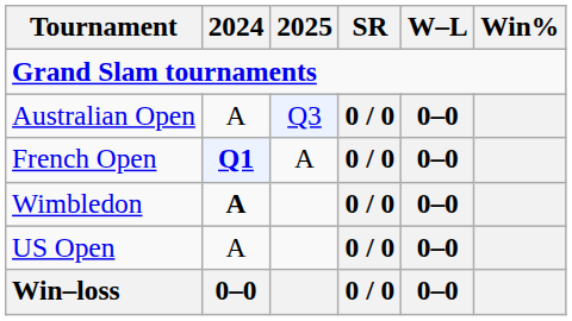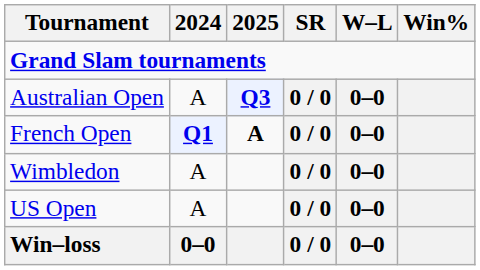 <table class=wikitable style=text-align:center>
 <tr>
 <th>Tournament</th>
 <th>2024</th>
 <th>2025</th>
 <th>SR</th>
 <th>W–L</th>
 <th>Win%</th>
 </tr>
 <tr>
 <td colspan="11" style="text-align:left"><a href='#'><strong>Grand Slam tournaments</strong></a></td>
 </tr>
 <tr>
 <td align=left><a href='#'>Australian Open</a></td>
 <td>A</td>
-<td bgcolor=ecf2ff><a href='#'>Q3</a></td>
+<td bgcolor=ecf2ff><strong><a href='#'>Q3</a></strong></td>
 <th>0 / 0</th>
 <th>0–0</th>
 <th></th>
 </tr>
 <tr>
 <td align=left><a href='#'>French Open</a></td>
 <td bgcolor=ecf2ff><strong><a href='#'>Q1</a></strong></td>
-<td>A</td>
+<td><strong>A</strong></td>
 <th>0 / 0</th>
 <th>0–0</th>
 <th></th>
 </tr>
 <tr>
 <td align=left><a href='#'>Wimbledon</a></td>
-<td><strong>A</strong></td>
+<td>A</td>
 <td></td>
 <th>0 / 0</th>
 <th>0–0</th>
 <th></th>
 </tr>
 <tr>
 <td align=left><a href='#'>US Open</a></td>
 <td>A</td>
 <td></td>
 <th>0 / 0</th>
 <th>0–0</th>
 <th></th>
 </tr>
 <tr>
 <th style=text-align:left><strong>Win–loss</strong></th>
 <th>0–0</th>
 <th></th>
 <th>0 / 0</th>
 <th>0–0</th>
 <th></th>
 </tr>
 </table>
